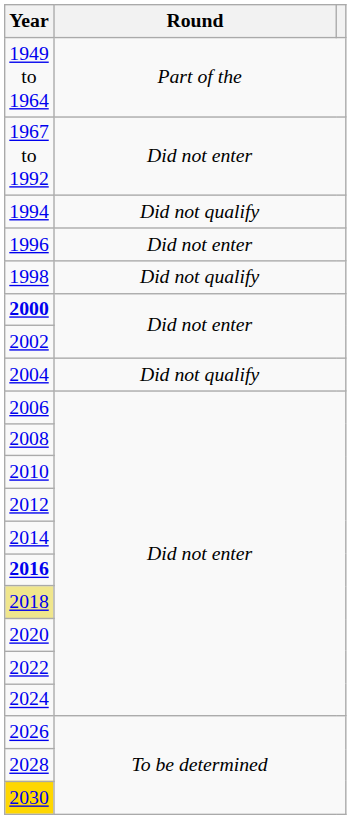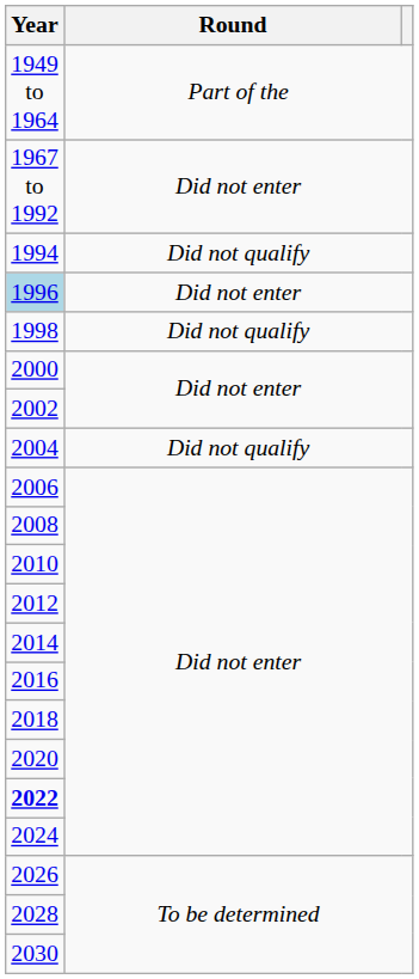 <table class="wikitable" style="text-align: center; font-size:90%">
 <tr>
 <th>Year</th>
 <th style="width:200px">Round</th>
 <th></th>
 </tr>
 <tr>
 <td><a href='#'>1949</a><br>to<br><a href='#'>1964</a></td>
 <td colspan="2"><em>Part of the </em></td>
 </tr>
 <tr>
 <td><a href='#'>1967</a><br>to<br><a href='#'>1992</a></td>
 <td colspan="2"><em>Did not enter</em></td>
 </tr>
 <tr>
 <td><a href='#'>1994</a></td>
 <td colspan="2"><em>Did not qualify</em></td>
 </tr>
 <tr>
-<td><a href='#'>1996</a></td>
+<td style="background: lightblue;"><a href='#'>1996</a></td>
 <td colspan="2"><em>Did not enter</em></td>
 </tr>
 <tr>
 <td><a href='#'>1998</a></td>
 <td colspan="2"><em>Did not qualify</em></td>
 </tr>
 <tr>
-<td><strong><a href='#'>2000</a></strong></td>
+<td><a href='#'>2000</a></td>
 <td colspan="2" rowspan="2"><em>Did not enter</em></td>
 </tr>
 <tr>
 <td><a href='#'>2002</a></td>
 </tr>
 <tr>
 <td><a href='#'>2004</a></td>
 <td colspan="2"><em>Did not qualify</em></td>
 </tr>
 <tr>
 <td><a href='#'>2006</a></td>
 <td colspan="2" rowspan="10"><em>Did not enter</em></td>
 </tr>
 <tr>
 <td><a href='#'>2008</a></td>
 </tr>
 <tr>
 <td><a href='#'>2010</a></td>
 </tr>
 <tr>
 <td><a href='#'>2012</a></td>
 </tr>
 <tr>
 <td><a href='#'>2014</a></td>
 </tr>
 <tr>
-<td><strong><a href='#'>2016</a></strong></td>
+<td><a href='#'>2016</a></td>
 </tr>
 <tr>
-<td style="background: khaki;"><a href='#'>2018</a></td>
+<td><a href='#'>2018</a></td>
 </tr>
 <tr>
 <td><a href='#'>2020</a></td>
 </tr>
 <tr>
-<td><a href='#'>2022</a></td>
+<td><strong><a href='#'>2022</a></strong></td>
 </tr>
 <tr>
 <td><a href='#'>2024</a></td>
 </tr>
 <tr>
 <td><a href='#'>2026</a></td>
 <td colspan="2" rowspan="3"><em>To be determined</em></td>
 </tr>
 <tr>
 <td><a href='#'>2028</a></td>
 </tr>
 <tr>
-<td style="background: gold;"><a href='#'>2030</a></td>
+<td><a href='#'>2030</a></td>
 </tr>
 </table>
